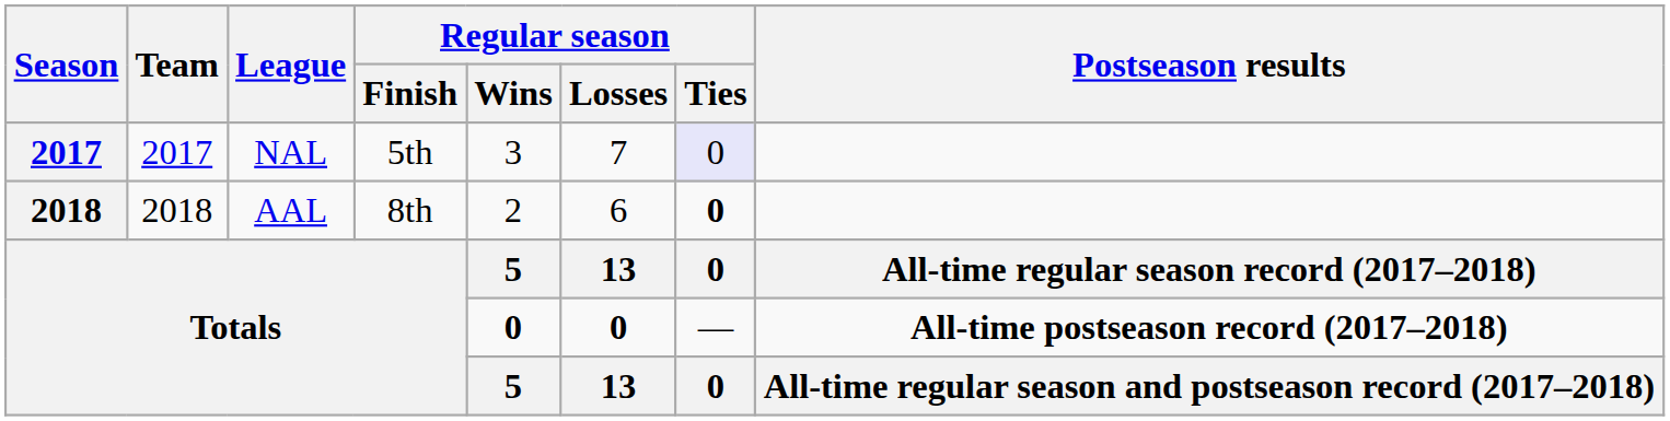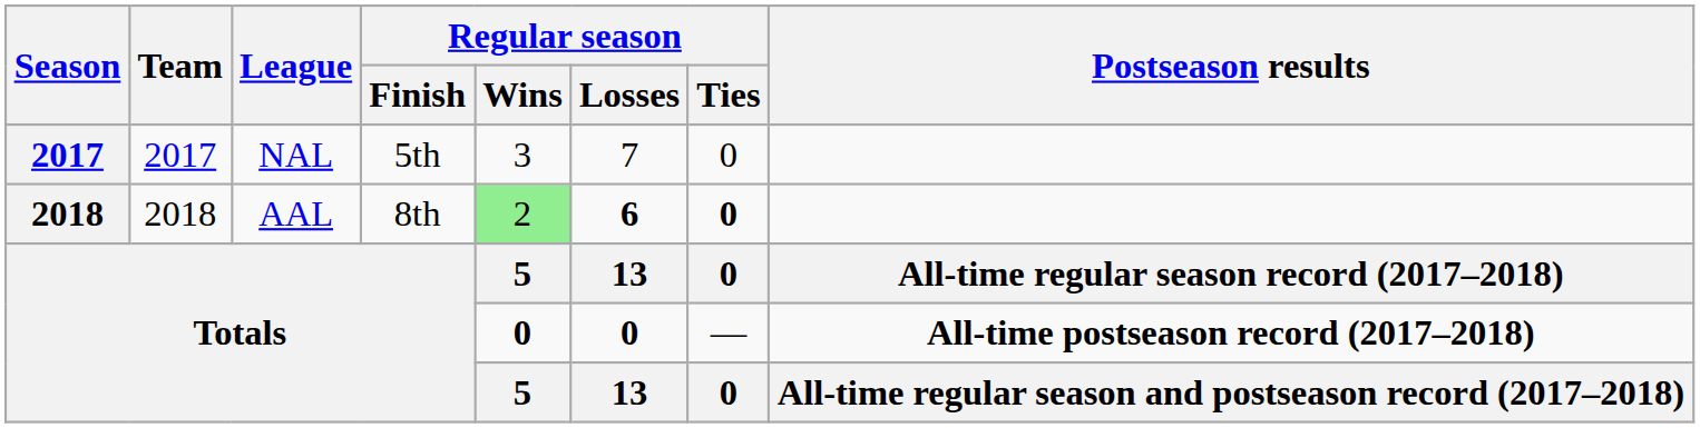 <table class="wikitable" style="text-align:center; font-size: 95%;">
 <tr>
 <th rowspan="2"><a href='#'>Season</a></th>
 <th rowspan="2">Team</th>
 <th rowspan="2"><a href='#'>League</a></th>
 <th colspan="4"><a href='#'>Regular season</a></th>
 <th rowspan="2"><a href='#'>Postseason</a> results</th>
 </tr>
 <tr>
 <th>Finish</th>
 <th>Wins</th>
 <th>Losses</th>
 <th>Ties</th>
 </tr>
 <tr>
 <th><a href='#'>2017</a></th>
 <td><a href='#'>2017</a></td>
 <td><a href='#'>NAL</a></td>
 <td>5th</td>
 <td>3</td>
 <td>7</td>
-<td style="background: lavender;">0</td>
+<td>0</td>
 <td></td>
 </tr>
 <tr>
 <th>2018</th>
 <td>2018</td>
 <td><a href='#'>AAL</a></td>
 <td>8th</td>
-<td>2</td>
-<td>6</td>
+<td style="background: lightgreen;">2</td>
+<td><strong>6</strong></td>
 <td><strong>0</strong></td>
 <td></td>
 </tr>
 <tr>
 <th rowspan="3" colspan="4">Totals</th>
 <th>5</th>
 <th>13</th>
 <th>0</th>
 <th colspan="3">All-time regular season record (2017–2018)</th>
 </tr>
 <tr>
 <td><strong>0</strong></td>
 <td><strong>0</strong></td>
 <td>—</td>
 <td colspan="3"><strong>All-time postseason record (2017–2018)</strong></td>
 </tr>
 <tr>
 <th>5</th>
 <th>13</th>
 <th>0</th>
 <th colspan="3">All-time regular season and postseason record (2017–2018)</th>
 </tr>
 </table>
